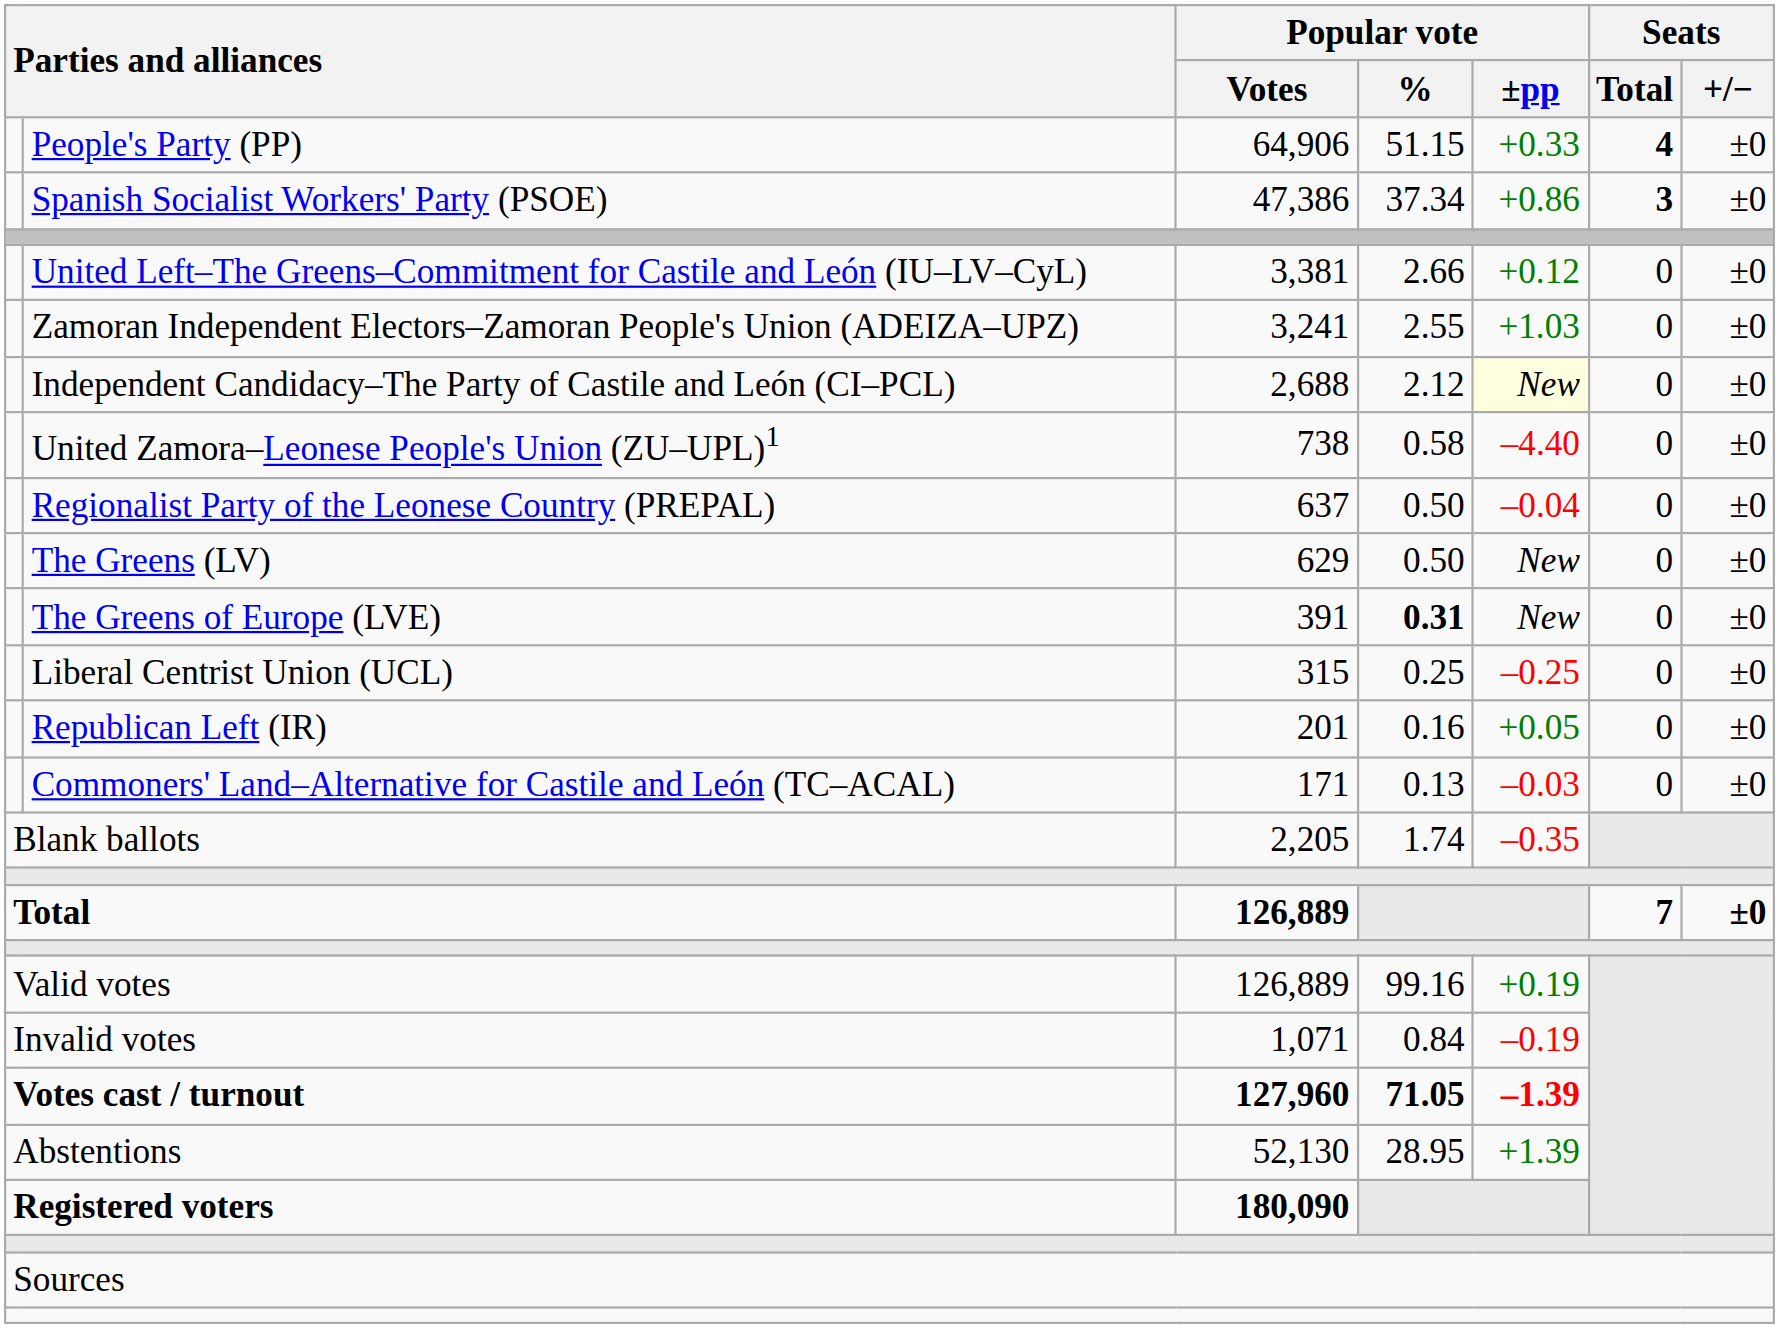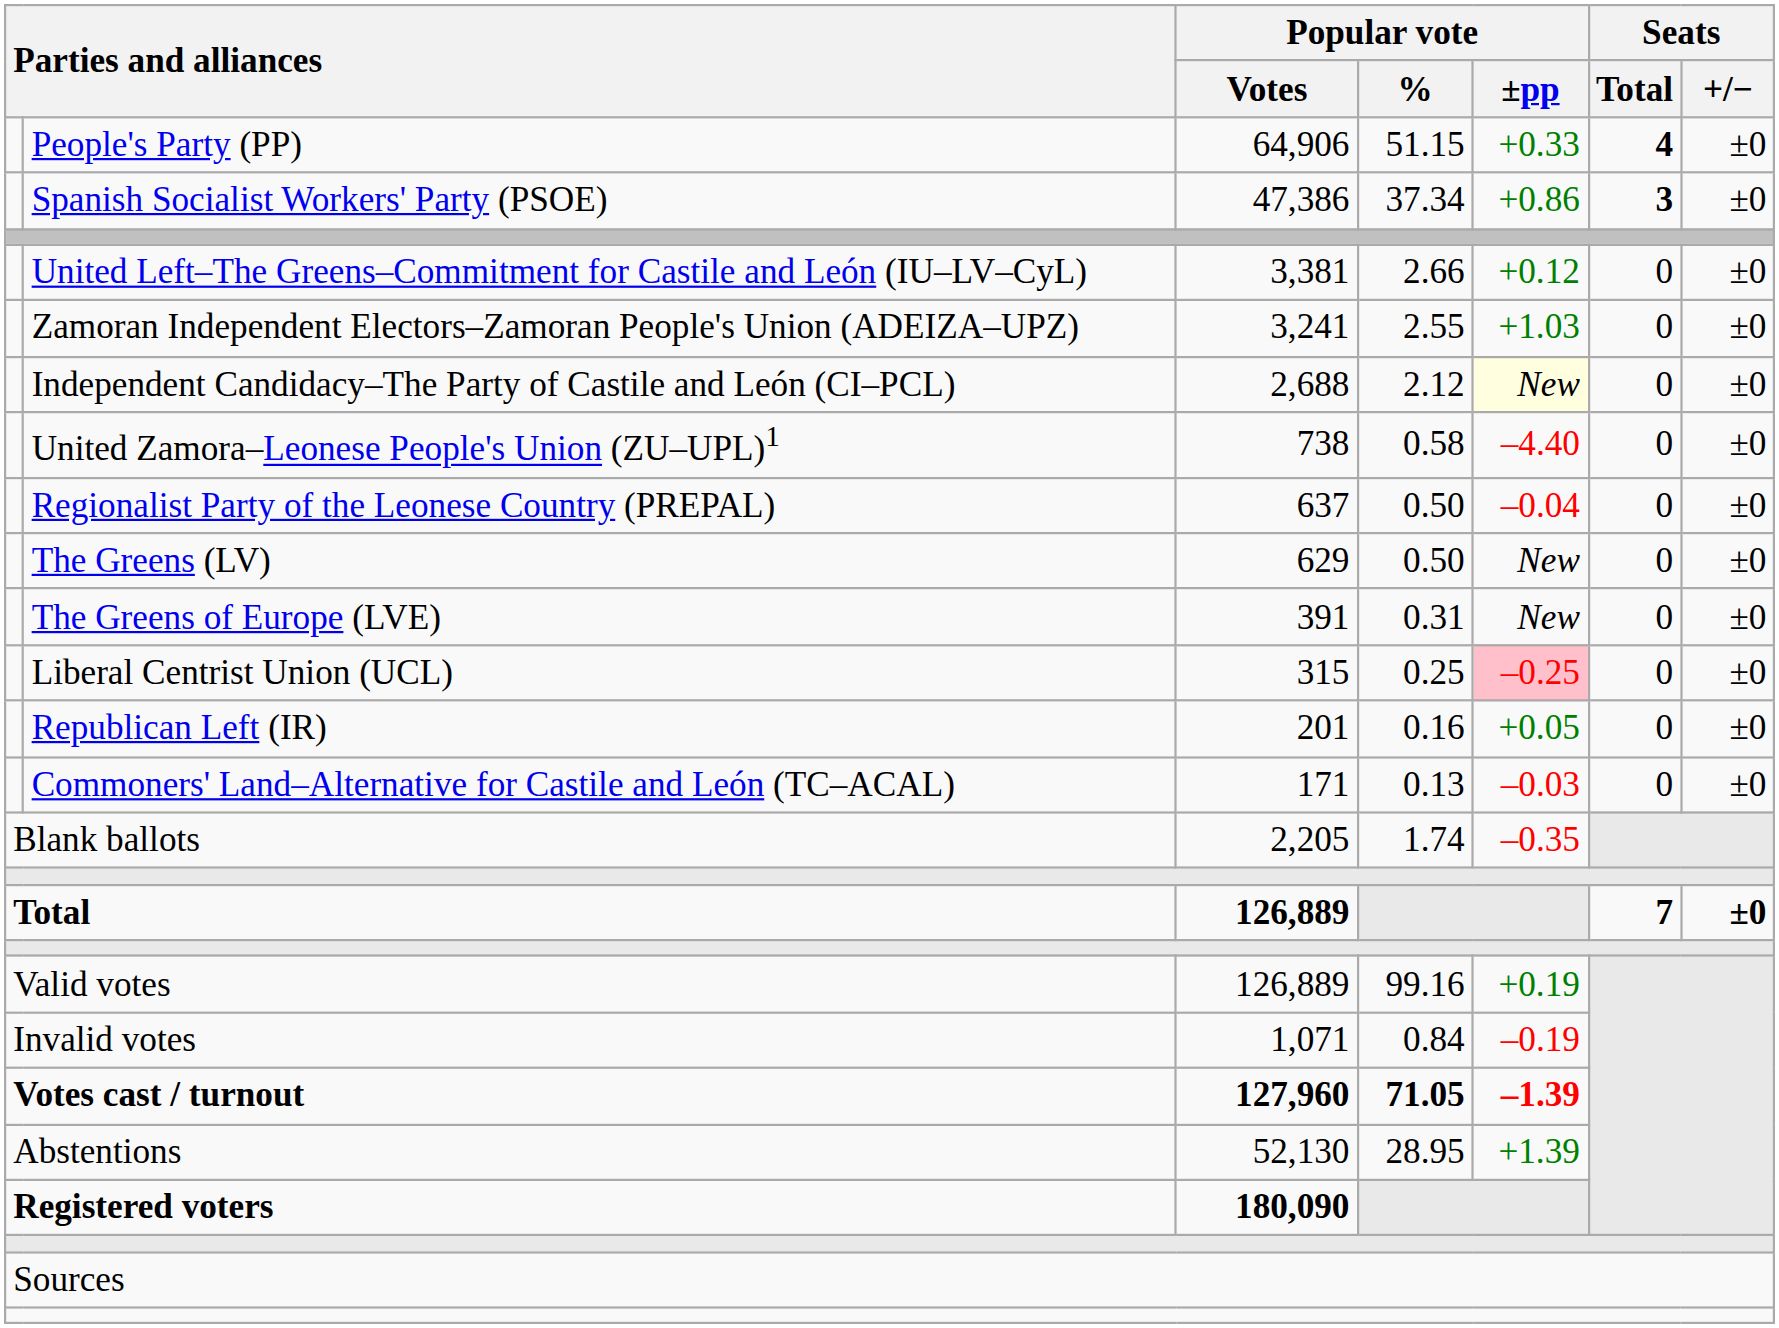 <table class="wikitable" style="text-align:right;">
 <tr>
 <th style="text-align:left;" rowspan="2" colspan="2" width="525">Parties and alliances</th>
 <th colspan="3">Popular vote</th>
 <th colspan="2">Seats</th>
 </tr>
 <tr>
 <th width="75">Votes</th>
 <th width="45">%</th>
 <th width="45">±<a href='#'>pp</a></th>
 <th width="35">Total</th>
 <th width="35">+/−</th>
 </tr>
 <tr>
 <td width="1" style="color:inherit;background:"></td>
 <td align="left"><a href='#'>People's Party</a> (PP)</td>
 <td>64,906</td>
 <td>51.15</td>
 <td style="color:green;">+0.33</td>
 <td><strong>4</strong></td>
 <td>±0</td>
 </tr>
 <tr>
 <td style="color:inherit;background:"></td>
 <td align="left"><a href='#'>Spanish Socialist Workers' Party</a> (PSOE)</td>
 <td>47,386</td>
 <td>37.34</td>
 <td style="color:green;">+0.86</td>
 <td><strong>3</strong></td>
 <td>±0</td>
 </tr>
 <tr>
 <td colspan="7" bgcolor="#C0C0C0"></td>
 </tr>
 <tr>
 <td style="color:inherit;background:"></td>
 <td align="left"><a href='#'>United Left–The Greens–Commitment for Castile and León</a> (IU–LV–CyL)</td>
 <td>3,381</td>
 <td>2.66</td>
 <td style="color:green;">+0.12</td>
 <td>0</td>
 <td>±0</td>
 </tr>
 <tr>
 <td style="color:inherit;background:"></td>
 <td align="left">Zamoran Independent Electors–Zamoran People's Union (ADEIZA–UPZ)</td>
 <td>3,241</td>
 <td>2.55</td>
 <td style="color:green;">+1.03</td>
 <td>0</td>
 <td>±0</td>
 </tr>
 <tr>
 <td style="color:inherit;background:"></td>
 <td align="left">Independent Candidacy–The Party of Castile and León (CI–PCL)</td>
 <td>2,688</td>
 <td>2.12</td>
 <td style="background: lightyellow;"><em>New</em></td>
 <td>0</td>
 <td>±0</td>
 </tr>
 <tr>
 <td style="color:inherit;background:"></td>
 <td align="left">United Zamora–<a href='#'>Leonese People's Union</a> (ZU–UPL)<sup>1</sup></td>
 <td>738</td>
 <td>0.58</td>
 <td style="color:red;">–4.40</td>
 <td>0</td>
 <td>±0</td>
 </tr>
 <tr>
 <td style="color:inherit;background:"></td>
 <td align="left"><a href='#'>Regionalist Party of the Leonese Country</a> (PREPAL)</td>
 <td>637</td>
 <td>0.50</td>
 <td style="color:red;">–0.04</td>
 <td>0</td>
 <td>±0</td>
 </tr>
 <tr>
 <td style="color:inherit;background:"></td>
 <td align="left"><a href='#'>The Greens</a> (LV)</td>
 <td>629</td>
 <td>0.50</td>
 <td><em>New</em></td>
 <td>0</td>
 <td>±0</td>
 </tr>
 <tr>
 <td style="color:inherit;background:"></td>
 <td align="left"><a href='#'>The Greens of Europe</a> (LVE)</td>
 <td>391</td>
-<td><strong>0.31</strong></td>
+<td>0.31</td>
 <td><em>New</em></td>
 <td>0</td>
 <td>±0</td>
 </tr>
 <tr>
 <td style="color:inherit;background:"></td>
 <td align="left">Liberal Centrist Union (UCL)</td>
 <td>315</td>
 <td>0.25</td>
-<td style="color:red;">–0.25</td>
+<td style="background: pink; color:red;">–0.25</td>
 <td>0</td>
 <td>±0</td>
 </tr>
 <tr>
 <td style="color:inherit;background:"></td>
 <td align="left"><a href='#'>Republican Left</a> (IR)</td>
 <td>201</td>
 <td>0.16</td>
 <td style="color:green;">+0.05</td>
 <td>0</td>
 <td>±0</td>
 </tr>
 <tr>
 <td style="color:inherit;background:"></td>
 <td align="left"><a href='#'>Commoners' Land–Alternative for Castile and León</a> (TC–ACAL)</td>
 <td>171</td>
 <td>0.13</td>
 <td style="color:red;">–0.03</td>
 <td>0</td>
 <td>±0</td>
 </tr>
 <tr>
 <td align="left" colspan="2">Blank ballots</td>
 <td>2,205</td>
 <td>1.74</td>
 <td style="color:red;">–0.35</td>
 <td bgcolor="#E9E9E9" colspan="2"></td>
 </tr>
 <tr>
 <td colspan="7" bgcolor="#E9E9E9"></td>
 </tr>
 <tr style="font-weight:bold;">
 <td align="left" colspan="2">Total</td>
 <td>126,889</td>
 <td bgcolor="#E9E9E9" colspan="2"></td>
 <td>7</td>
 <td>±0</td>
 </tr>
 <tr>
 <td colspan="7" bgcolor="#E9E9E9"></td>
 </tr>
 <tr>
 <td align="left" colspan="2">Valid votes</td>
 <td>126,889</td>
 <td>99.16</td>
 <td style="color:green;">+0.19</td>
 <td bgcolor="#E9E9E9" colspan="2" rowspan="5"></td>
 </tr>
 <tr>
 <td align="left" colspan="2">Invalid votes</td>
 <td>1,071</td>
 <td>0.84</td>
 <td style="color:red;">–0.19</td>
 </tr>
 <tr style="font-weight:bold;">
 <td align="left" colspan="2">Votes cast / turnout</td>
 <td>127,960</td>
 <td>71.05</td>
 <td style="color:red;">–1.39</td>
 </tr>
 <tr>
 <td align="left" colspan="2">Abstentions</td>
 <td>52,130</td>
 <td>28.95</td>
 <td style="color:green;">+1.39</td>
 </tr>
 <tr style="font-weight:bold;">
 <td align="left" colspan="2">Registered voters</td>
 <td>180,090</td>
 <td bgcolor="#E9E9E9" colspan="2"></td>
 </tr>
 <tr>
 <td colspan="7" bgcolor="#E9E9E9"></td>
 </tr>
 <tr>
 <td align="left" colspan="7">Sources</td>
 </tr>
 <tr>
 <td colspan="7" style="text-align:left; max-width:790px;"></td>
 </tr>
 </table>
